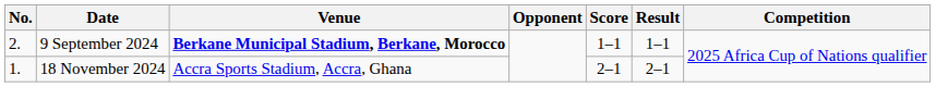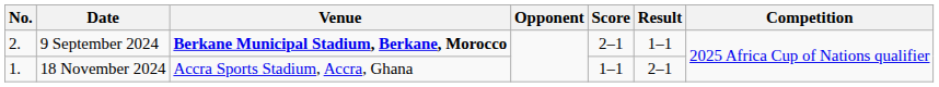 <table class="wikitable">
 <tr>
 <th>No.</th>
 <th>Date</th>
 <th>Venue</th>
 <th>Opponent</th>
 <th>Score</th>
 <th>Result</th>
 <th>Competition</th>
 </tr>
 <tr>
 <td>2.</td>
 <td>9 September 2024</td>
 <td><strong><a href='#'>Berkane Municipal Stadium</a>, <a href='#'>Berkane</a>, Morocco</strong></td>
 <td rowspan=2></td>
-<td align=center>1–1</td>
+<td align=center>2–1</td>
 <td align=center>1–1</td>
 <td rowspan=2><a href='#'>2025 Africa Cup of Nations qualifier</a></td>
 </tr>
 <tr>
 <td>1.</td>
 <td>18 November 2024</td>
 <td><a href='#'>Accra Sports Stadium</a>, <a href='#'>Accra</a>, Ghana</td>
-<td align=center>2–1</td>
+<td align=center>1–1</td>
 <td align=center>2–1</td>
 </tr>
 </table>
